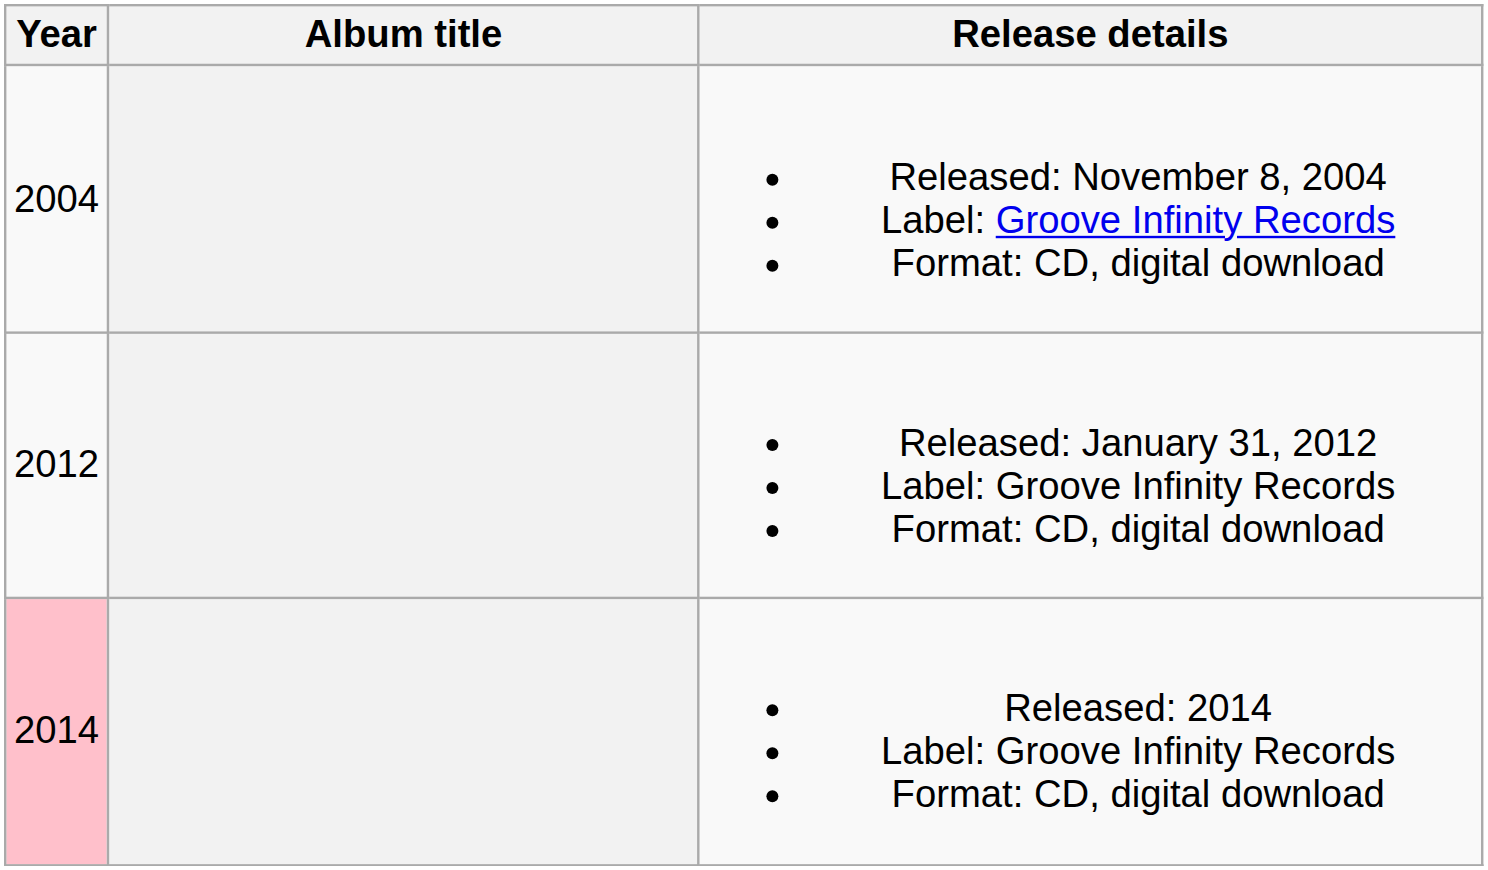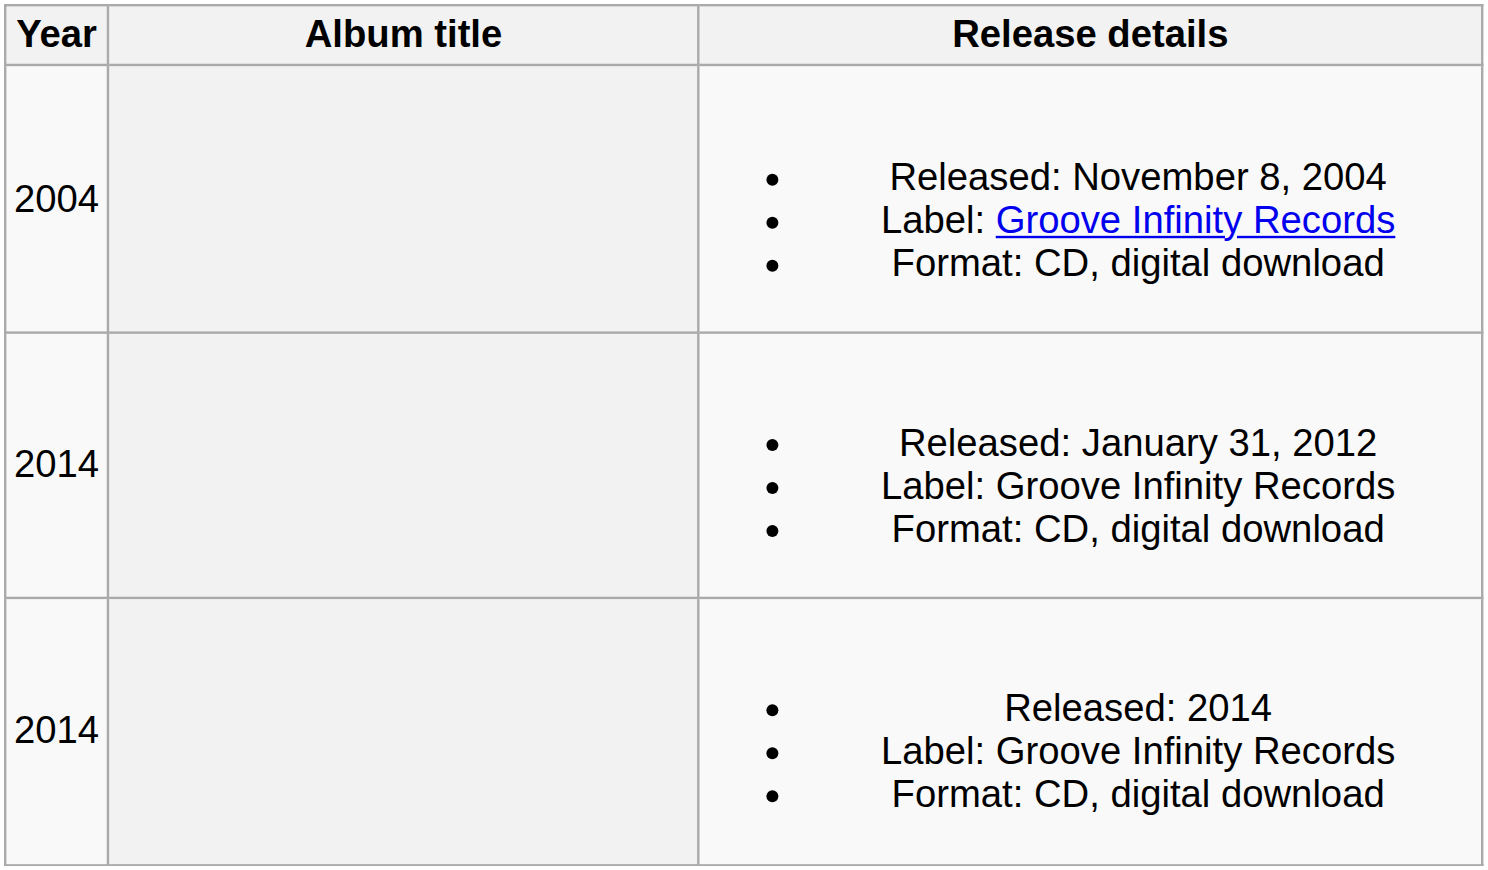 <table class="wikitable plainrowheaders" style="text-align:center;">
 <tr>
 <th>Year</th>
 <th scope="col" rowspan="1" style="width:15em;">Album title</th>
 <th scope="col" rowspan="1" style="width:20em;">Release details</th>
 </tr>
 <tr>
 <td>2004</td>
 <th></th>
 <td><br><ul><li>Released: November 8, 2004</li><li>Label: <a href='#'>Groove Infinity Records</a></li><li>Format: CD, digital download</li></ul></td>
 </tr>
 <tr>
-<td>2012</td>
+<td>2014</td>
 <th></th>
 <td><br><ul><li>Released: January 31, 2012</li><li>Label: Groove Infinity Records</li><li>Format: CD, digital download</li></ul></td>
 </tr>
 <tr>
-<td style="background: pink;">2014</td>
+<td>2014</td>
 <th></th>
 <td><br><ul><li>Released: 2014</li><li>Label: Groove Infinity Records</li><li>Format: CD, digital download</li></ul></td>
 </tr>
 <tr>
 </tr>
 </table>
